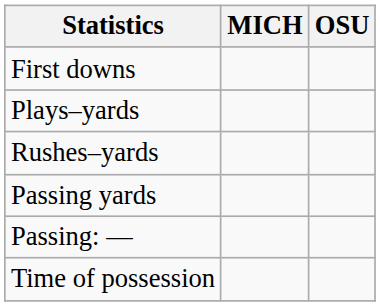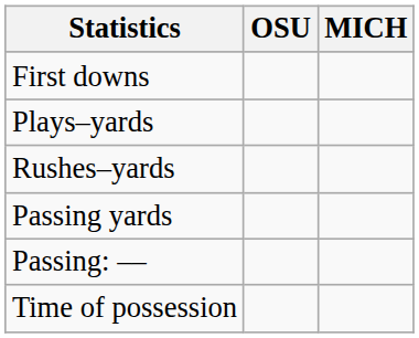 <table class="wikitable" style="float:left">
 <tr>
 <th>Statistics</th>
+<th>OSU</th>
 <th>MICH</th>
-<th>OSU</th>
 </tr>
 <tr>
 <td>First downs</td>
 <td></td>
 <td></td>
 </tr>
 <tr>
 <td>Plays–yards</td>
 <td></td>
 <td></td>
 </tr>
 <tr>
 <td>Rushes–yards</td>
 <td></td>
 <td></td>
 </tr>
 <tr>
 <td>Passing yards</td>
 <td></td>
 <td></td>
 </tr>
 <tr>
 <td>Passing: ––</td>
 <td></td>
 <td></td>
 </tr>
 <tr>
 <td>Time of possession</td>
 <td></td>
 <td></td>
 </tr>
 </table>
